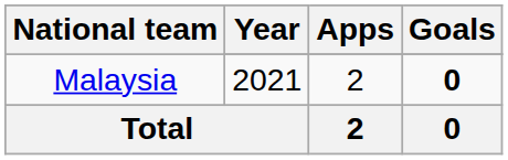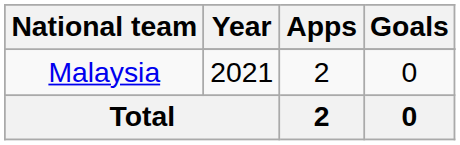 <table class="wikitable" style="text-align: center;">
 <tr>
 <th>National team</th>
 <th>Year</th>
 <th>Apps</th>
 <th>Goals</th>
 </tr>
 <tr>
 <td rowspan="2"><a href='#'>Malaysia</a></td>
 </tr>
 <tr>
 <td>2021</td>
 <td>2</td>
-<td><strong>0</strong></td>
+<td>0</td>
 </tr>
 <tr>
 <th colspan=2>Total</th>
 <th>2</th>
 <th>0</th>
 </tr>
 </table>
